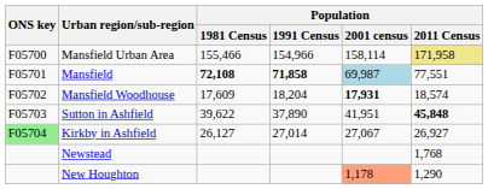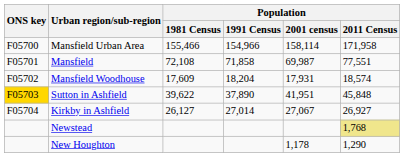 <table class="wikitable">
 <tr>
 <th rowspan="2">ONS key</th>
 <th rowspan="2">Urban region/sub-region</th>
 <th colspan="4">Population</th>
 </tr>
 <tr>
 <th>1981 Census</th>
 <th>1991 Census</th>
 <th>2001 census</th>
 <th>2011 Census</th>
 </tr>
 <tr>
 <td>F05700</td>
 <td>Mansfield Urban Area</td>
 <td>155,466</td>
 <td>154,966</td>
 <td>158,114</td>
-<td style="background: khaki;">171,958</td>
+<td>171,958</td>
 </tr>
 <tr>
 <td>F05701</td>
 <td><a href='#'>Mansfield</a></td>
-<td><strong>72,108</strong></td>
-<td><strong>71,858</strong></td>
-<td style="background: lightblue;">69,987</td>
+<td>72,108</td>
+<td>71,858</td>
+<td>69,987</td>
 <td>77,551</td>
 </tr>
 <tr>
 <td>F05702</td>
 <td><a href='#'>Mansfield Woodhouse</a></td>
 <td>17,609</td>
 <td>18,204</td>
-<td><strong>17,931</strong></td>
+<td>17,931</td>
 <td>18,574</td>
 </tr>
 <tr>
-<td>F05703</td>
+<td style="background: gold;">F05703</td>
 <td><a href='#'>Sutton in Ashfield</a></td>
 <td>39,622</td>
 <td>37,890</td>
 <td>41,951</td>
-<td><strong>45,848</strong></td>
+<td>45,848</td>
 </tr>
 <tr>
-<td style="background: lightgreen;">F05704</td>
+<td>F05704</td>
 <td><a href='#'>Kirkby in Ashfield</a></td>
 <td>26,127</td>
 <td>27,014</td>
 <td>27,067</td>
 <td>26,927</td>
 </tr>
 <tr>
 <td></td>
 <td><a href='#'>Newstead</a></td>
 <td></td>
 <td></td>
 <td></td>
-<td>1,768</td>
+<td style="background: khaki;">1,768</td>
 </tr>
 <tr>
 <td></td>
 <td><a href='#'>New Houghton</a></td>
 <td></td>
 <td></td>
-<td style="background: lightsalmon;">1,178</td>
+<td>1,178</td>
 <td>1,290</td>
 </tr>
 </table>
